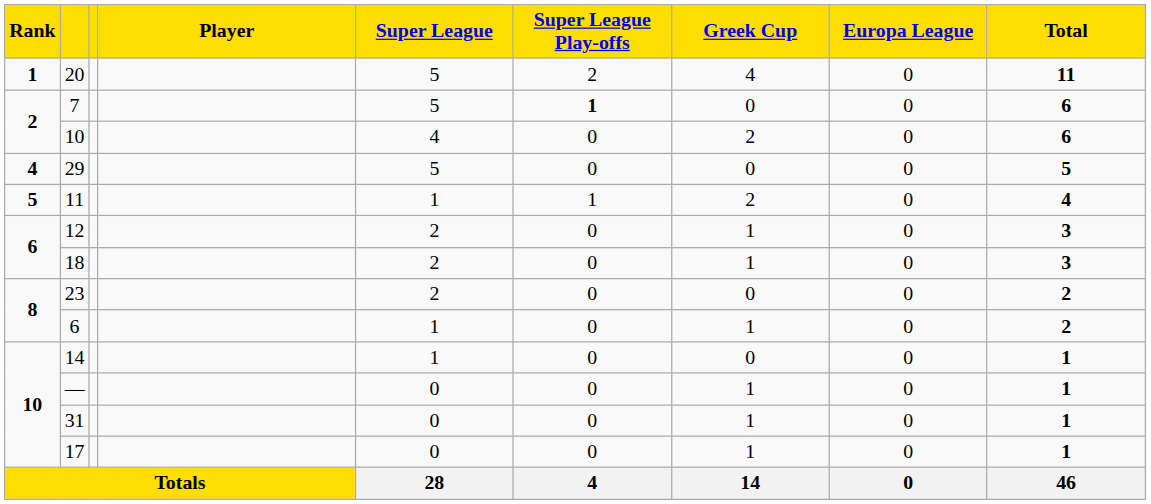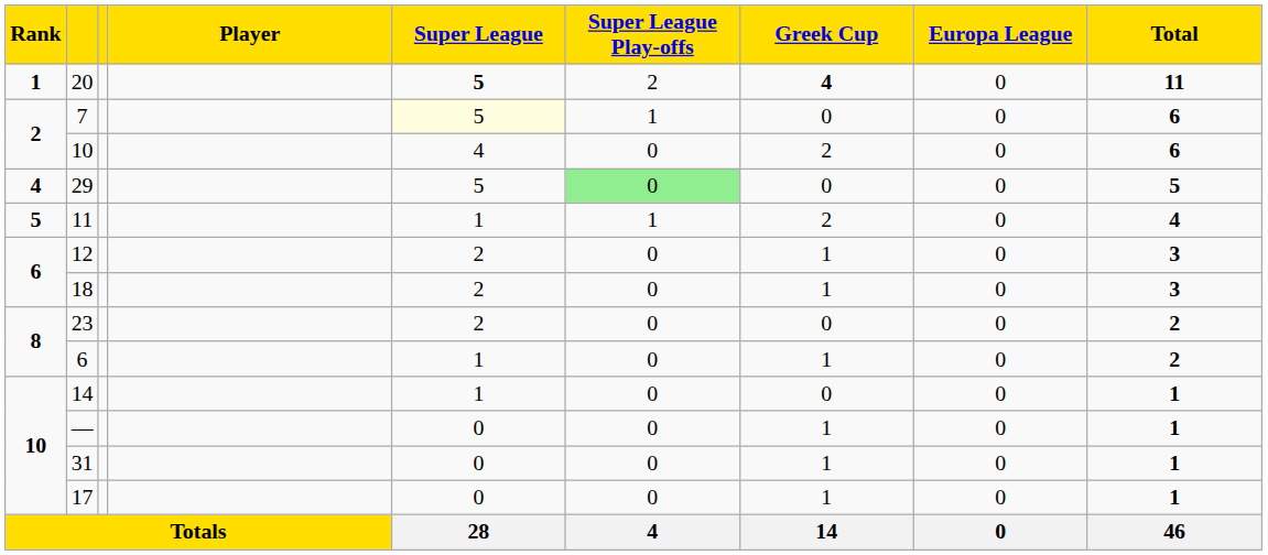 <table class="wikitable sortable" style="text-align: center">
 <tr>
 <th style="background:#FFDE00">Rank</th>
 <th style="background:#FFDE00"></th>
 <th style="background:#FFDE00"></th>
 <th width=200 style="background:#FFDE00">Player</th>
 <th width=120 style="background:#FFDE00"><a href='#'>Super League</a></th>
 <th width=120 style="background:#FFDE00"><a href='#'>Super League Play-offs</a></th>
 <th width=120 style="background:#FFDE00"><a href='#'>Greek Cup</a></th>
 <th width=120 style="background:#FFDE00"><a href='#'>Europa League</a></th>
 <th width=120 style="background:#FFDE00">Total</th>
 </tr>
 <tr>
 <td><strong>1</strong></td>
 <td>20</td>
 <td></td>
 <td align=left></td>
-<td>5</td>
+<td><strong>5</strong></td>
 <td>2</td>
-<td>4</td>
+<td><strong>4</strong></td>
 <td>0</td>
 <td><strong>11</strong></td>
 </tr>
 <tr>
 <td rowspan=2><strong>2</strong></td>
 <td>7</td>
 <td></td>
 <td align=left></td>
-<td>5</td>
-<td><strong>1</strong></td>
+<td style="background: lightyellow;">5</td>
+<td>1</td>
 <td>0</td>
 <td>0</td>
 <td><strong>6</strong></td>
 </tr>
 <tr>
 <td>10</td>
 <td></td>
 <td align=left></td>
 <td>4</td>
 <td>0</td>
 <td>2</td>
 <td>0</td>
 <td><strong>6</strong></td>
 </tr>
 <tr>
 <td><strong>4</strong></td>
 <td>29</td>
 <td></td>
 <td align=left></td>
 <td>5</td>
-<td>0</td>
+<td style="background: lightgreen;">0</td>
 <td>0</td>
 <td>0</td>
 <td><strong>5</strong></td>
 </tr>
 <tr>
 <td><strong>5</strong></td>
 <td>11</td>
 <td></td>
 <td align=left></td>
 <td>1</td>
 <td>1</td>
 <td>2</td>
 <td>0</td>
 <td><strong>4</strong></td>
 </tr>
 <tr>
 <td rowspan=2><strong>6</strong></td>
 <td>12</td>
 <td></td>
 <td align=left></td>
 <td>2</td>
 <td>0</td>
 <td>1</td>
 <td>0</td>
 <td><strong>3</strong></td>
 </tr>
 <tr>
 <td>18</td>
 <td></td>
 <td align=left></td>
 <td>2</td>
 <td>0</td>
 <td>1</td>
 <td>0</td>
 <td><strong>3</strong></td>
 </tr>
 <tr>
 <td rowspan=2><strong>8</strong></td>
 <td>23</td>
 <td></td>
 <td align=left></td>
 <td>2</td>
 <td>0</td>
 <td>0</td>
 <td>0</td>
 <td><strong>2</strong></td>
 </tr>
 <tr>
 <td>6</td>
 <td></td>
 <td align=left></td>
 <td>1</td>
 <td>0</td>
 <td>1</td>
 <td>0</td>
 <td><strong>2</strong></td>
 </tr>
 <tr>
 <td rowspan=4><strong>10</strong></td>
 <td>14</td>
 <td></td>
 <td align=left></td>
 <td>1</td>
 <td>0</td>
 <td>0</td>
 <td>0</td>
 <td><strong>1</strong></td>
 </tr>
 <tr>
 <td>—</td>
 <td></td>
 <td align=left></td>
 <td>0</td>
 <td>0</td>
 <td>1</td>
 <td>0</td>
 <td><strong>1</strong></td>
 </tr>
 <tr>
 <td>31</td>
 <td></td>
 <td align=left></td>
 <td>0</td>
 <td>0</td>
 <td>1</td>
 <td>0</td>
 <td><strong>1</strong></td>
 </tr>
 <tr>
 <td>17</td>
 <td></td>
 <td align=left></td>
 <td>0</td>
 <td>0</td>
 <td>1</td>
 <td>0</td>
 <td><strong>1</strong></td>
 </tr>
 <tr class="sortbottom">
 <th colspan=4 style="background:#FFDE00"><strong>Totals</strong></th>
 <th><strong>28</strong></th>
 <th><strong> 4</strong></th>
 <th><strong>14</strong></th>
 <th><strong> 0</strong></th>
 <th><strong>46</strong></th>
 </tr>
 </table>
